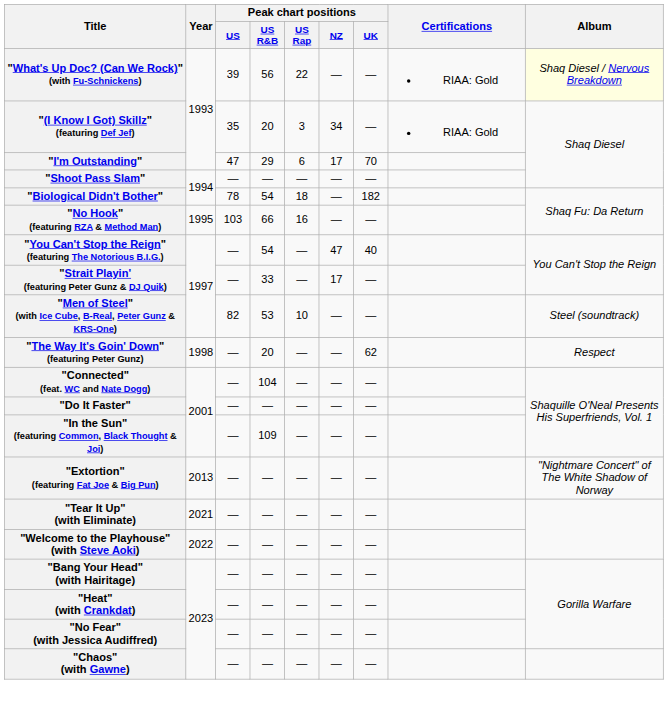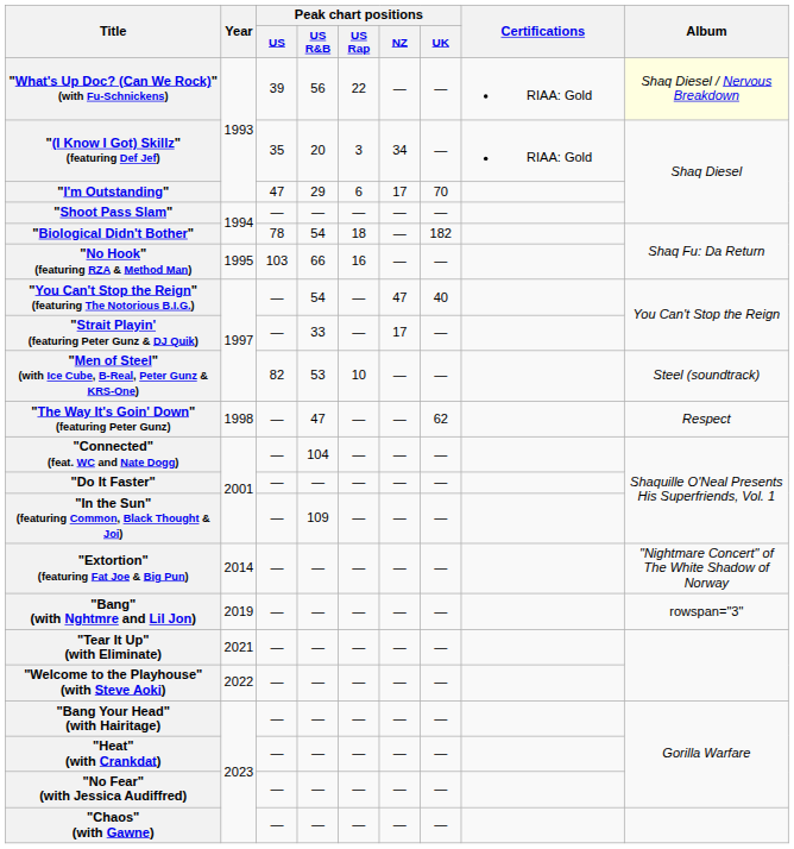 <table class="wikitable plainrowheaders" style="text-align:center;">
 <tr>
 <th scope="col" rowspan="2" style="width:16em;">Title</th>
 <th scope="col" rowspan="2">Year</th>
 <th scope="col" colspan="5">Peak chart positions</th>
 <th scope="col" rowspan="2" style="width:12em;"><a href='#'>Certifications</a></th>
 <th scope="col" rowspan="2" style="width:12em;">Album</th>
 </tr>
 <tr>
 <th scope="col" style="width:3em;font-size:90%;"><a href='#'>US</a><br></th>
 <th scope="col" style="width:3em;font-size:90%;"><a href='#'>US R&B</a><br></th>
 <th scope="col" style="width:3em;font-size:90%;"><a href='#'>US Rap</a><br></th>
 <th scope="col" style="width:3em;font-size:90%;"><a href='#'>NZ</a><br></th>
 <th scope="col" style="width:3em;font-size:90%;"><a href='#'>UK</a><br></th>
 </tr>
 <tr>
 <th scope="row">"<a href='#'>What's Up Doc? (Can We Rock)</a>"<br><small>(with <a href='#'>Fu-Schnickens</a>)</small></th>
 <td rowspan="3">1993</td>
 <td>39</td>
 <td>56</td>
 <td>22</td>
 <td>—</td>
 <td>—</td>
 <td><br><ul><li>RIAA: Gold</li></ul></td>
 <td style="background: lightyellow;"><em>Shaq Diesel / <a href='#'>Nervous Breakdown</a></em></td>
 </tr>
 <tr>
 <th scope="row">"<a href='#'>(I Know I Got) Skillz</a>"<br><small>(featuring <a href='#'>Def Jef</a>)</small></th>
 <td>35</td>
 <td>20</td>
 <td>3</td>
 <td>34</td>
 <td>—</td>
 <td><br><ul><li>RIAA: Gold</li></ul></td>
 <td rowspan="3"><em>Shaq Diesel</em></td>
 </tr>
 <tr>
 <th scope="row">"<a href='#'>I'm Outstanding</a>"</th>
 <td>47</td>
 <td>29</td>
 <td>6</td>
 <td>17</td>
 <td>70</td>
 <td></td>
 </tr>
 <tr>
 <th scope="row">"<a href='#'>Shoot Pass Slam</a>"</th>
 <td rowspan="2">1994</td>
 <td>—</td>
 <td>—</td>
 <td>—</td>
 <td>—</td>
 <td>—</td>
 <td></td>
 </tr>
 <tr>
 <th scope="row">"<a href='#'>Biological Didn't Bother</a>"</th>
 <td>78</td>
 <td>54</td>
 <td>18</td>
 <td>—</td>
 <td>182</td>
 <td></td>
 <td rowspan="2"><em>Shaq Fu: Da Return</em></td>
 </tr>
 <tr>
 <th scope="row">"<a href='#'>No Hook</a>"<br><small>(featuring <a href='#'>RZA</a> & <a href='#'>Method Man</a>) </small></th>
 <td>1995</td>
 <td>103</td>
 <td>66</td>
 <td>16</td>
 <td>—</td>
 <td>—</td>
 <td></td>
 </tr>
 <tr>
 <th scope="row">"<a href='#'>You Can't Stop the Reign</a>"<br><small>(featuring <a href='#'>The Notorious B.I.G.</a>)</small></th>
 <td rowspan="3">1997</td>
 <td>—</td>
 <td>54</td>
 <td>—</td>
 <td>47</td>
 <td>40</td>
 <td></td>
 <td rowspan="2"><em>You Can't Stop the Reign</em></td>
 </tr>
 <tr>
 <th scope="row">"<a href='#'>Strait Playin'</a><br><small>(featuring Peter Gunz & <a href='#'>DJ Quik</a>)</small></th>
 <td>—</td>
 <td>33</td>
 <td>—</td>
 <td>17</td>
 <td>—</td>
 <td></td>
 </tr>
 <tr>
 <th scope="row">"<a href='#'>Men of Steel</a>"<br><small>(with <a href='#'>Ice Cube</a>, <a href='#'>B-Real</a>, <a href='#'>Peter Gunz</a> & <a href='#'>KRS-One</a>)</small></th>
 <td>82</td>
 <td>53</td>
 <td>10</td>
 <td>—</td>
 <td>—</td>
 <td></td>
 <td><em>Steel (soundtrack)</em></td>
 </tr>
 <tr>
 <th scope="row">"<a href='#'>The Way It's Goin' Down</a>"<br><small>(featuring Peter Gunz)</small></th>
 <td>1998</td>
 <td>—</td>
-<td>20</td>
+<td>47</td>
 <td>—</td>
 <td>—</td>
 <td>62</td>
 <td></td>
 <td><em>Respect</em></td>
 </tr>
 <tr>
 <th scope="row">"Connected"<br><small>(feat. <a href='#'>WC</a> and <a href='#'>Nate Dogg</a>)</small></th>
 <td rowspan="3">2001</td>
 <td>—</td>
 <td>104</td>
 <td>—</td>
 <td>—</td>
 <td>—</td>
 <td></td>
 <td rowspan="3"><em>Shaquille O'Neal Presents His Superfriends, Vol. 1</em></td>
 </tr>
 <tr>
 <th scope="row">"Do It Faster"</th>
 <td>—</td>
 <td>—</td>
 <td>—</td>
 <td>—</td>
 <td>—</td>
 <td></td>
 </tr>
 <tr>
 <th scope="row">"In the Sun"<br><small>(featuring <a href='#'>Common</a>, <a href='#'>Black Thought</a> & <a href='#'>Joi</a>)</small></th>
 <td>—</td>
 <td>109</td>
 <td>—</td>
 <td>—</td>
 <td>—</td>
 <td></td>
 </tr>
 <tr>
 <th scope="row">"Extortion"<br><small>(featuring <a href='#'>Fat Joe</a> & <a href='#'>Big Pun</a>)</small></th>
-<td>2013</td>
+<td>2014</td>
 <td>—</td>
 <td>—</td>
 <td>—</td>
 <td>—</td>
 <td>—</td>
 <td></td>
 <td><em>"Nightmare Concert" of The White Shadow of Norway</em></td>
+</tr>
+<tr>
+<th scope="row">"Bang" <br><span>(with <a href='#'>Nghtmre</a> and <a href='#'>Lil Jon</a>)</span></th>
+<td>2019</td>
+<td>—</td>
+<td>—</td>
+<td>—</td>
+<td>—</td>
+<td>—</td>
+<td></td>
+<td>rowspan="3" </td>
 </tr>
 <tr>
 <th scope="row">"Tear It Up" <br><span>(with Eliminate)</span></th>
 <td>2021</td>
 <td>—</td>
 <td>—</td>
 <td>—</td>
 <td>—</td>
 <td>—</td>
 <td></td>
 </tr>
 <tr>
 <th scope="row">"Welcome to the Playhouse" <br><span>(with <a href='#'>Steve Aoki</a>)</span></th>
 <td>2022</td>
 <td>—</td>
 <td>—</td>
 <td>—</td>
 <td>—</td>
 <td>—</td>
 <td></td>
 </tr>
 <tr>
 <th scope="row">"Bang Your Head"<br><span>(with Hairitage)</span></th>
 <td rowspan="4">2023</td>
 <td>—</td>
 <td>—</td>
 <td>—</td>
 <td>—</td>
 <td>—</td>
 <td></td>
 <td rowspan="3"><em>Gorilla Warfare</em></td>
 </tr>
 <tr>
 <th scope="row">"Heat"<br><span>(with <a href='#'>Crankdat</a>)</span></th>
 <td>—</td>
 <td>—</td>
 <td>—</td>
 <td>—</td>
 <td>—</td>
 <td></td>
 </tr>
 <tr>
 <th scope="row">"No Fear"<br><span>(with Jessica Audiffred)</span></th>
 <td>—</td>
 <td>—</td>
 <td>—</td>
 <td>—</td>
 <td>—</td>
 <td></td>
 </tr>
 <tr>
 <th scope="row">"Chaos"<br><span>(with <a href='#'>Gawne</a>)</span></th>
 <td>—</td>
 <td>—</td>
 <td>—</td>
 <td>—</td>
 <td>—</td>
 <td></td>
 <td></td>
 </tr>
 </table>
